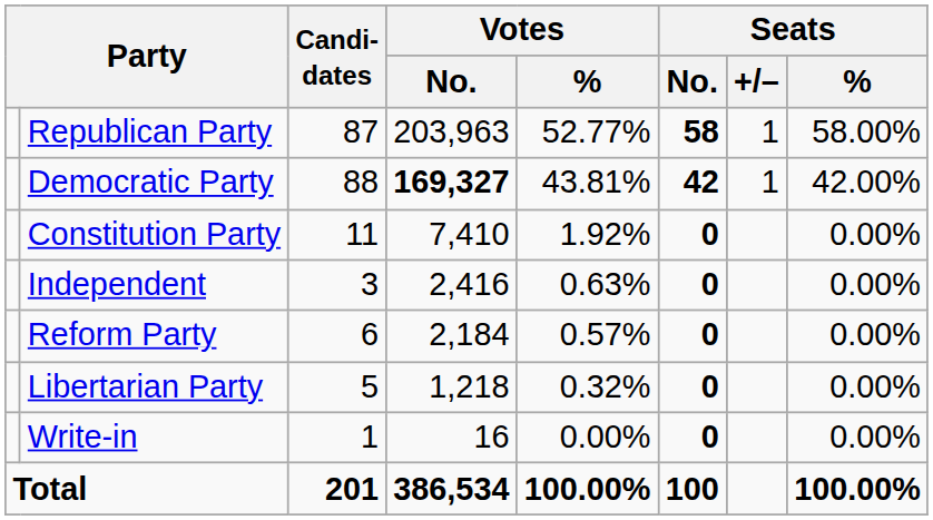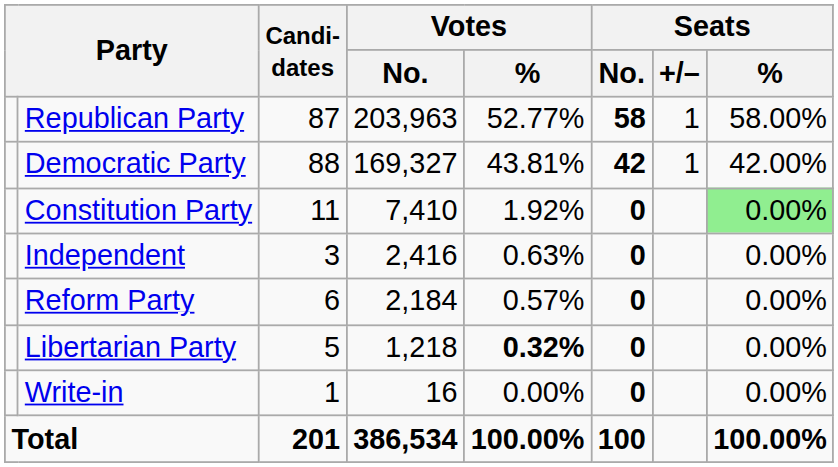 <table class="wikitable" style="font-size:100%; text-align:right;">
 <tr>
 <th colspan=2 rowspan=2>Party</th>
 <th rowspan=2><small>Candi-<br>dates</small></th>
 <th colspan=2>Votes</th>
 <th colspan=3>Seats</th>
 </tr>
 <tr>
 <th>No.</th>
 <th>%</th>
 <th>No.</th>
 <th>+/–</th>
 <th>%</th>
 </tr>
 <tr>
 <td style="background:"></td>
 <td style="text-align:left"><a href='#'>Republican Party</a></td>
 <td>87</td>
 <td>203,963</td>
 <td>52.77%</td>
 <td><strong>58</strong></td>
 <td>1</td>
 <td>58.00%</td>
 </tr>
 <tr>
 <td style="background:"></td>
 <td style="text-align:left"><a href='#'>Democratic Party</a></td>
 <td>88</td>
-<td><strong>169,327</strong></td>
+<td>169,327</td>
 <td>43.81%</td>
 <td><strong>42</strong></td>
 <td>1</td>
 <td>42.00%</td>
 </tr>
 <tr>
 <td style="background:"></td>
 <td style="text-align:left"><a href='#'>Constitution Party</a></td>
 <td>11</td>
 <td>7,410</td>
 <td>1.92%</td>
 <td><strong>0</strong></td>
 <td></td>
-<td>0.00%</td>
+<td style="background: lightgreen;">0.00%</td>
 </tr>
 <tr>
 <td style="background:"></td>
 <td style="text-align:left"><a href='#'>Independent</a></td>
 <td>3</td>
 <td>2,416</td>
 <td>0.63%</td>
 <td><strong>0</strong></td>
 <td></td>
 <td>0.00%</td>
 </tr>
 <tr>
 <td style="background:"></td>
 <td style="text-align:left"><a href='#'>Reform Party</a></td>
 <td>6</td>
 <td>2,184</td>
 <td>0.57%</td>
 <td><strong>0</strong></td>
 <td></td>
 <td>0.00%</td>
 </tr>
 <tr>
 <td style="background:"></td>
 <td style="text-align:left"><a href='#'>Libertarian Party</a></td>
 <td>5</td>
 <td>1,218</td>
-<td>0.32%</td>
+<td><strong>0.32%</strong></td>
 <td><strong>0</strong></td>
 <td></td>
 <td>0.00%</td>
 </tr>
 <tr>
 <td style="background:"></td>
 <td style="text-align:left"><a href='#'>Write-in</a></td>
 <td>1</td>
 <td>16</td>
 <td>0.00%</td>
 <td><strong>0</strong></td>
 <td></td>
 <td>0.00%</td>
 </tr>
 <tr style="font-weight:bold">
 <td colspan=2 style="text-align:left">Total</td>
 <td>201</td>
 <td>386,534</td>
 <td>100.00%</td>
 <td>100</td>
 <td></td>
 <td>100.00%</td>
 </tr>
 </table>
